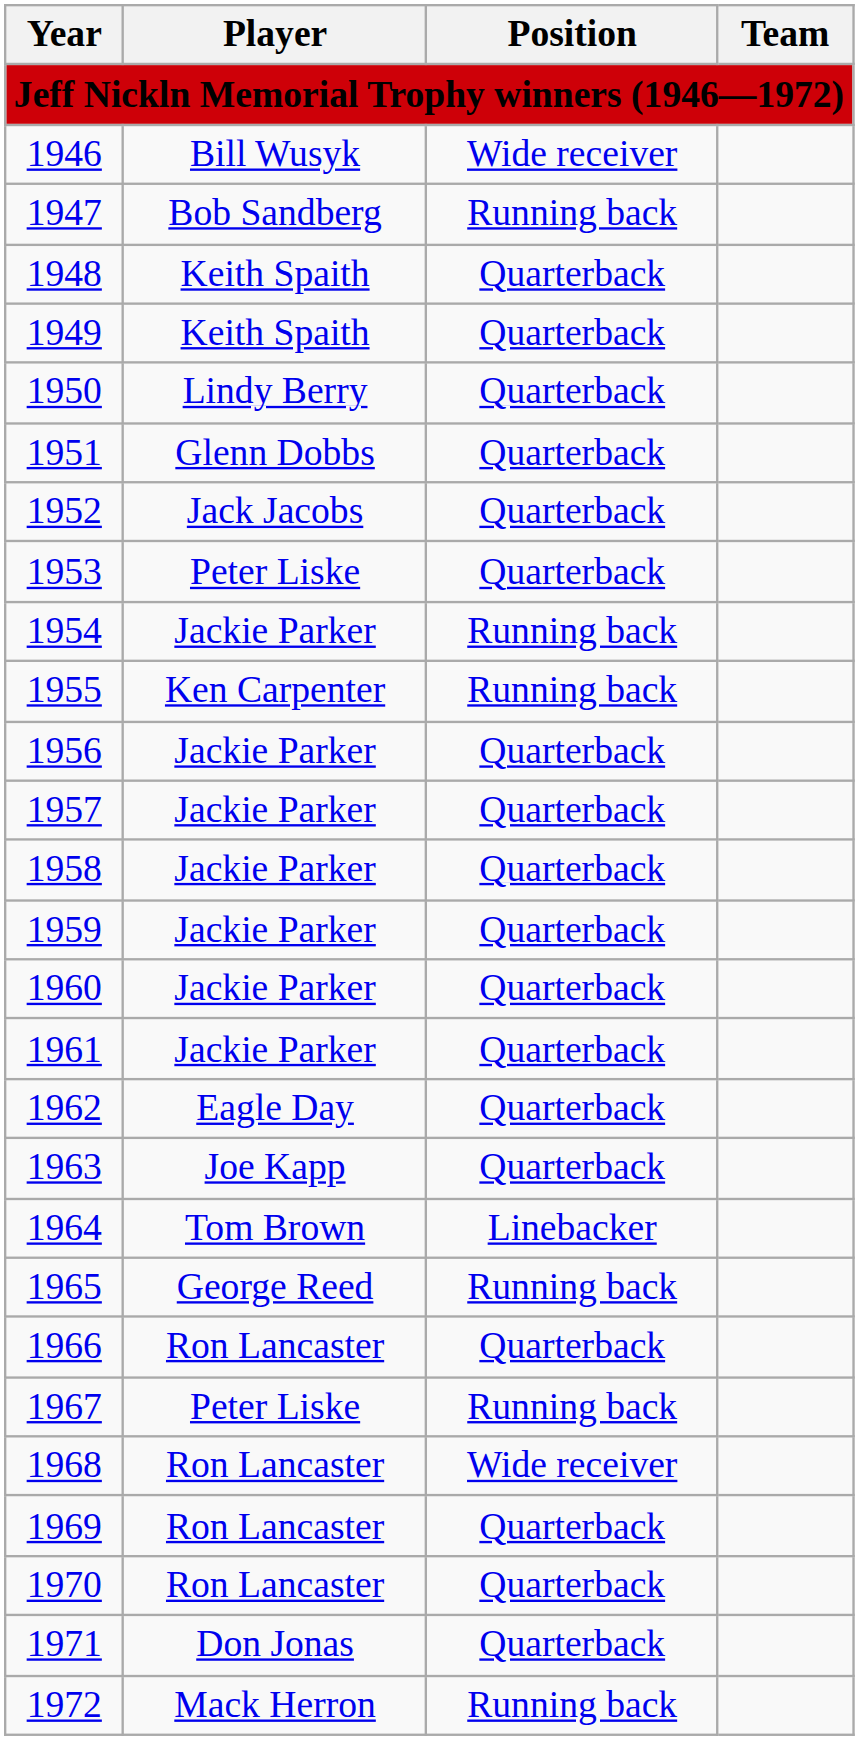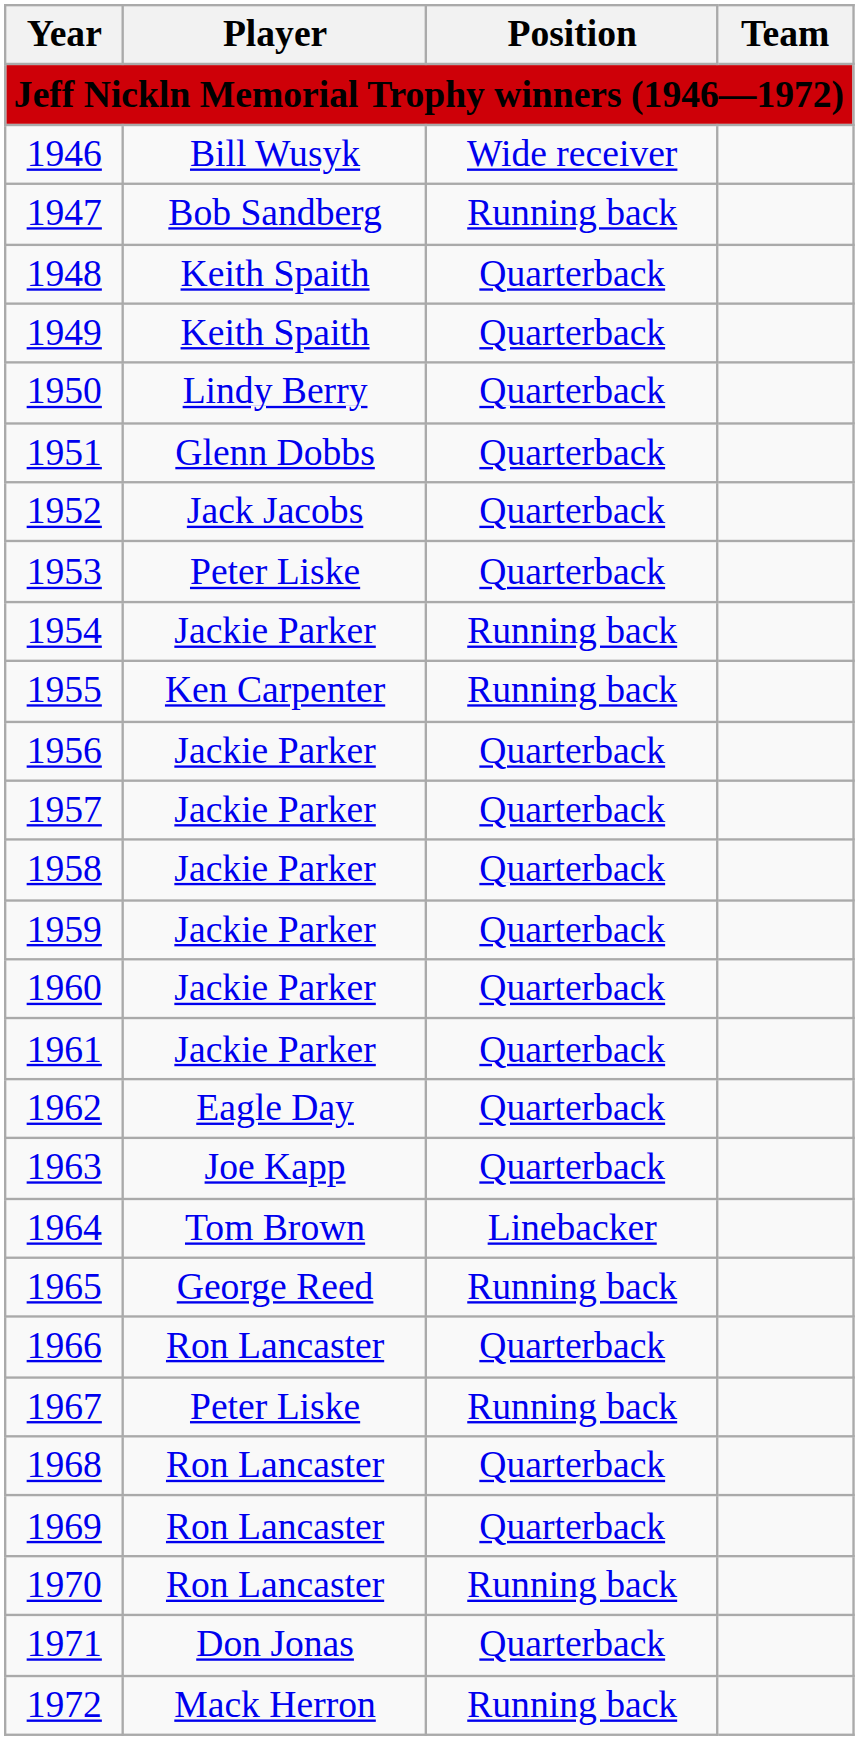 <table class="wikitable sortable" style="text-align:center">
 <tr>
 <th scope=col>Year</th>
 <th scope=col>Player</th>
 <th scope=col>Position</th>
 <th scope=col>Team</th>
 </tr>
 <tr>
 <th style="background:#CE0008;" colspan="7"><span>Jeff Nickln Memorial Trophy winners (1946—1972)</span></th>
 </tr>
 <tr>
 <td><a href='#'>1946</a></td>
 <td><a href='#'>Bill Wusyk</a></td>
 <td><a href='#'>Wide receiver</a></td>
 <td><a href='#'></a></td>
 </tr>
 <tr>
 <td><a href='#'>1947</a></td>
 <td><a href='#'>Bob Sandberg</a></td>
 <td><a href='#'>Running back</a></td>
 <td><a href='#'></a></td>
 </tr>
 <tr>
 <td><a href='#'>1948</a></td>
 <td><a href='#'>Keith Spaith</a></td>
 <td><a href='#'>Quarterback</a></td>
 <td><a href='#'></a></td>
 </tr>
 <tr>
 <td><a href='#'>1949</a></td>
 <td><a href='#'>Keith Spaith</a></td>
 <td><a href='#'>Quarterback</a></td>
 <td><a href='#'></a></td>
 </tr>
 <tr>
 <td><a href='#'>1950</a></td>
 <td><a href='#'>Lindy Berry</a></td>
 <td><a href='#'>Quarterback</a></td>
 <td><a href='#'></a></td>
 </tr>
 <tr>
 <td><a href='#'>1951</a></td>
 <td><a href='#'>Glenn Dobbs</a></td>
 <td><a href='#'>Quarterback</a></td>
 <td><a href='#'></a></td>
 </tr>
 <tr>
 <td><a href='#'>1952</a></td>
 <td><a href='#'>Jack Jacobs</a></td>
 <td><a href='#'>Quarterback</a></td>
 <td><a href='#'></a></td>
 </tr>
 <tr>
 <td><a href='#'>1953</a></td>
 <td><a href='#'>Peter Liske</a></td>
 <td><a href='#'>Quarterback</a></td>
 <td><a href='#'></a></td>
 </tr>
 <tr>
 <td><a href='#'>1954</a></td>
 <td><a href='#'>Jackie Parker</a></td>
 <td><a href='#'>Running back</a></td>
 <td><a href='#'></a></td>
 </tr>
 <tr>
 <td><a href='#'>1955</a></td>
 <td><a href='#'>Ken Carpenter</a></td>
 <td><a href='#'>Running back</a></td>
 <td><a href='#'></a></td>
 </tr>
 <tr>
 <td><a href='#'>1956</a></td>
 <td><a href='#'>Jackie Parker</a></td>
 <td><a href='#'>Quarterback</a></td>
 <td><a href='#'></a></td>
 </tr>
 <tr>
 <td><a href='#'>1957</a></td>
 <td><a href='#'>Jackie Parker</a></td>
 <td><a href='#'>Quarterback</a></td>
 <td><a href='#'></a></td>
 </tr>
 <tr>
 <td><a href='#'>1958</a></td>
 <td><a href='#'>Jackie Parker</a></td>
 <td><a href='#'>Quarterback</a></td>
 <td><a href='#'></a></td>
 </tr>
 <tr>
 <td><a href='#'>1959</a></td>
 <td><a href='#'>Jackie Parker</a></td>
 <td><a href='#'>Quarterback</a></td>
 <td><a href='#'></a></td>
 </tr>
 <tr>
 <td><a href='#'>1960</a></td>
 <td><a href='#'>Jackie Parker</a></td>
 <td><a href='#'>Quarterback</a></td>
 <td><a href='#'></a></td>
 </tr>
 <tr>
 <td><a href='#'>1961</a></td>
 <td><a href='#'>Jackie Parker</a></td>
 <td><a href='#'>Quarterback</a></td>
 <td><a href='#'></a></td>
 </tr>
 <tr>
 <td><a href='#'>1962</a></td>
 <td><a href='#'>Eagle Day</a></td>
 <td><a href='#'>Quarterback</a></td>
 <td><a href='#'></a></td>
 </tr>
 <tr>
 <td><a href='#'>1963</a></td>
 <td><a href='#'>Joe Kapp</a></td>
 <td><a href='#'>Quarterback</a></td>
 <td><a href='#'></a></td>
 </tr>
 <tr>
 <td><a href='#'>1964</a></td>
 <td><a href='#'>Tom Brown</a></td>
 <td><a href='#'>Linebacker</a></td>
 <td><a href='#'></a></td>
 </tr>
 <tr>
 <td><a href='#'>1965</a></td>
 <td><a href='#'>George Reed</a></td>
 <td><a href='#'>Running back</a></td>
 <td><a href='#'></a></td>
 </tr>
 <tr>
 <td><a href='#'>1966</a></td>
 <td><a href='#'>Ron Lancaster</a></td>
 <td><a href='#'>Quarterback</a></td>
 <td><a href='#'></a></td>
 </tr>
 <tr>
 <td><a href='#'>1967</a></td>
 <td><a href='#'>Peter Liske</a></td>
 <td><a href='#'>Running back</a></td>
 <td><a href='#'></a></td>
 </tr>
 <tr>
 <td><a href='#'>1968</a></td>
 <td><a href='#'>Ron Lancaster</a></td>
-<td><a href='#'>Wide receiver</a></td>
+<td><a href='#'>Quarterback</a></td>
 <td><a href='#'></a></td>
 </tr>
 <tr>
 <td><a href='#'>1969</a></td>
 <td><a href='#'>Ron Lancaster</a></td>
 <td><a href='#'>Quarterback</a></td>
 <td><a href='#'></a></td>
 </tr>
 <tr>
 <td><a href='#'>1970</a></td>
 <td><a href='#'>Ron Lancaster</a></td>
-<td><a href='#'>Quarterback</a></td>
+<td><a href='#'>Running back</a></td>
 <td><a href='#'></a></td>
 </tr>
 <tr>
 <td><a href='#'>1971</a></td>
 <td><a href='#'>Don Jonas</a></td>
 <td><a href='#'>Quarterback</a></td>
 <td><a href='#'></a></td>
 </tr>
 <tr>
 <td><a href='#'>1972</a></td>
 <td><a href='#'>Mack Herron</a></td>
 <td><a href='#'>Running back</a></td>
 <td><a href='#'></a></td>
 </tr>
 </table>
